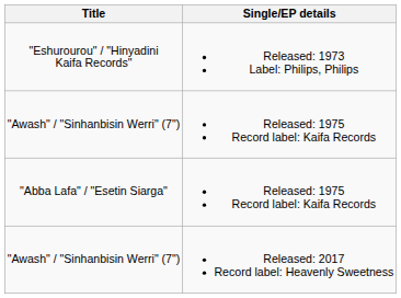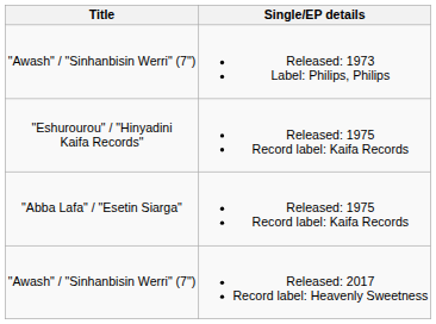 <table class="wikitable mw-collapsible plainrowheaders" style="text-align:center;">
 <tr>
 <th>Title</th>
 <th scope="col" style="padding:0 8px;">Single/EP details</th>
 </tr>
 <tr>
-<td>"Eshurourou" / "Hinyadini<br>Kaifa Records"</td>
+<td>"Awash" / "Sinhanbisin Werri" (7")</td>
 <td><br><ul><li>Released: 1973</li><li>Label: Philips, Philips</li></ul></td>
 </tr>
 <tr>
-<td>"Awash" / "Sinhanbisin Werri" (7")</td>
+<td>"Eshurourou" / "Hinyadini<br>Kaifa Records"</td>
 <td><br><ul><li>Released: 1975</li><li>Record label: Kaifa Records</li></ul></td>
 </tr>
 <tr>
 <td>"Abba Lafa" / "Esetin Siarga"</td>
 <td><br><ul><li>Released: 1975</li><li>Record label: Kaifa Records</li></ul></td>
 </tr>
 <tr>
 <td>"Awash" / "Sinhanbisin Werri" (7")</td>
 <td><br><ul><li>Released: 2017</li><li>Record label: Heavenly Sweetness</li></ul></td>
 </tr>
 </table>
